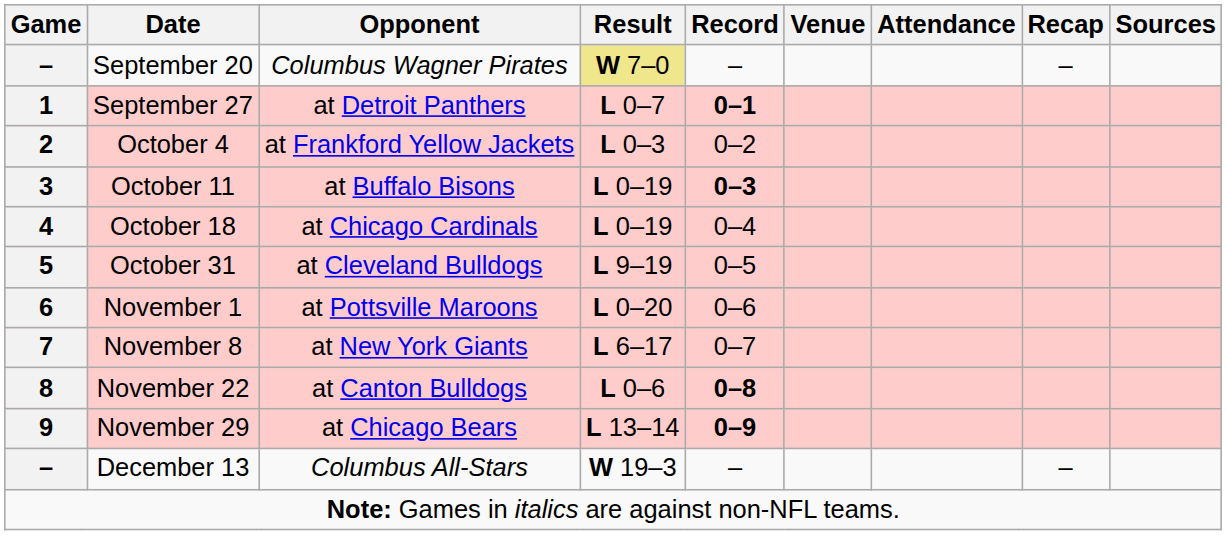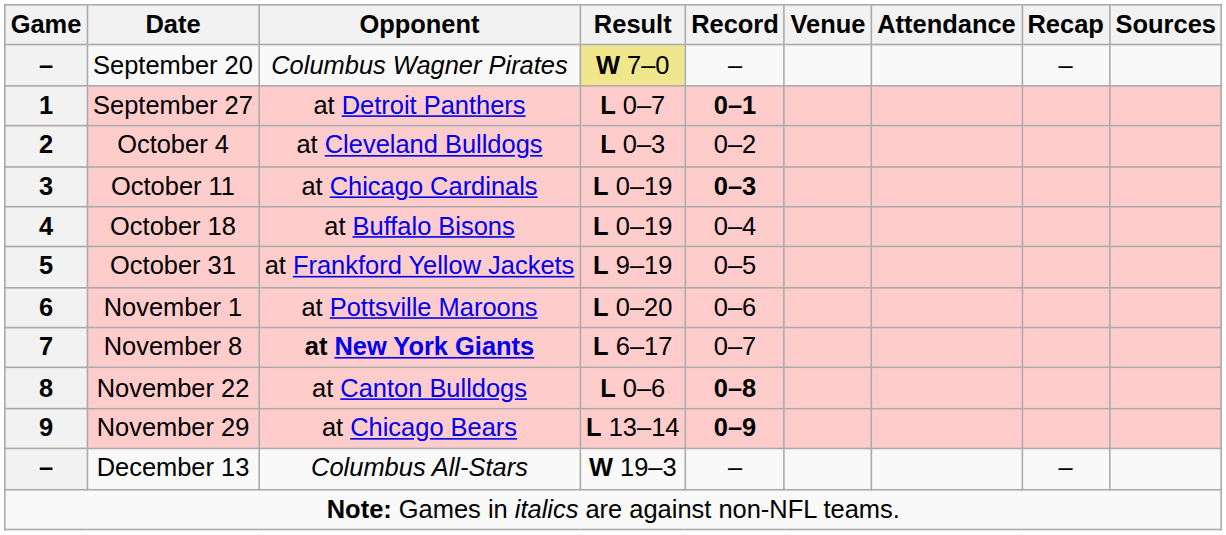 <table class="wikitable" style="text-align:center">
 <tr>
 <th>Game</th>
 <th>Date</th>
 <th>Opponent</th>
 <th>Result</th>
 <th>Record</th>
 <th>Venue</th>
 <th>Attendance</th>
 <th>Recap</th>
 <th>Sources</th>
 </tr>
 <tr>
 <th>–</th>
 <td>September 20</td>
 <td><em>Columbus Wagner Pirates</em></td>
 <td style="background: khaki;"><strong>W</strong> 7–0</td>
 <td>–</td>
 <td></td>
 <td></td>
 <td>–</td>
 <td></td>
 </tr>
 <tr style="background:#fcc">
 <th>1</th>
 <td>September 27</td>
 <td>at <a href='#'>Detroit Panthers</a></td>
 <td><strong>L</strong> 0–7</td>
 <td><strong>0–1</strong></td>
 <td></td>
 <td></td>
 <td></td>
 <td></td>
 </tr>
 <tr style="background:#fcc">
 <th>2</th>
 <td>October 4</td>
-<td>at <a href='#'>Frankford Yellow Jackets</a></td>
+<td>at <a href='#'>Cleveland Bulldogs</a></td>
 <td><strong>L</strong> 0–3</td>
 <td>0–2</td>
 <td></td>
 <td></td>
 <td></td>
 <td></td>
 </tr>
 <tr style="background:#fcc">
 <th>3</th>
 <td>October 11</td>
-<td>at <a href='#'>Buffalo Bisons</a></td>
+<td>at <a href='#'>Chicago Cardinals</a></td>
 <td><strong>L</strong> 0–19</td>
 <td><strong>0–3</strong></td>
 <td></td>
 <td></td>
 <td></td>
 <td></td>
 </tr>
 <tr style="background:#fcc">
 <th>4</th>
 <td>October 18</td>
-<td>at <a href='#'>Chicago Cardinals</a></td>
+<td>at <a href='#'>Buffalo Bisons</a></td>
 <td><strong>L</strong> 0–19</td>
 <td>0–4</td>
 <td></td>
 <td></td>
 <td></td>
 <td></td>
 </tr>
 <tr style="background:#fcc">
 <th>5</th>
 <td>October 31</td>
-<td>at <a href='#'>Cleveland Bulldogs</a></td>
+<td>at <a href='#'>Frankford Yellow Jackets</a></td>
 <td><strong>L</strong> 9–19</td>
 <td>0–5</td>
 <td></td>
 <td></td>
 <td></td>
 <td></td>
 </tr>
 <tr style="background:#fcc">
 <th>6</th>
 <td>November 1</td>
 <td>at <a href='#'>Pottsville Maroons</a></td>
 <td><strong>L</strong> 0–20</td>
 <td>0–6</td>
 <td></td>
 <td></td>
 <td></td>
 <td></td>
 </tr>
 <tr style="background:#fcc">
 <th>7</th>
 <td>November 8</td>
-<td>at <a href='#'>New York Giants</a></td>
+<td><strong>at <a href='#'>New York Giants</a></strong></td>
 <td><strong>L</strong> 6–17</td>
 <td>0–7</td>
 <td></td>
 <td></td>
 <td></td>
 <td></td>
 </tr>
 <tr style="background:#fcc">
 <th>8</th>
 <td>November 22</td>
 <td>at <a href='#'>Canton Bulldogs</a></td>
 <td><strong>L</strong> 0–6</td>
 <td><strong>0–8</strong></td>
 <td></td>
 <td></td>
 <td></td>
 <td></td>
 </tr>
 <tr style="background:#fcc">
 <th>9</th>
 <td>November 29</td>
 <td>at <a href='#'>Chicago Bears</a></td>
 <td><strong>L</strong> 13–14</td>
 <td><strong>0–9</strong></td>
 <td></td>
 <td></td>
 <td></td>
 <td></td>
 </tr>
 <tr>
 <th>–</th>
 <td>December 13</td>
 <td><em>Columbus All-Stars</em></td>
 <td><strong>W</strong> 19–3</td>
 <td>–</td>
 <td></td>
 <td></td>
 <td>–</td>
 <td></td>
 </tr>
 <tr>
 <td colspan="10"><strong>Note:</strong> Games in <em>italics</em> are against non-NFL teams.</td>
 </tr>
 </table>
